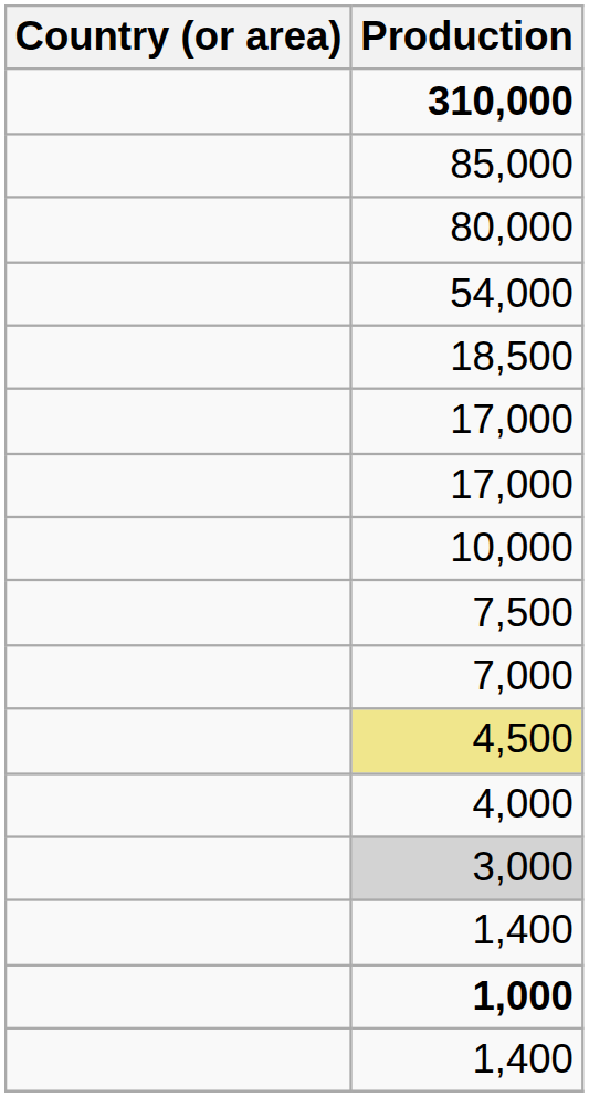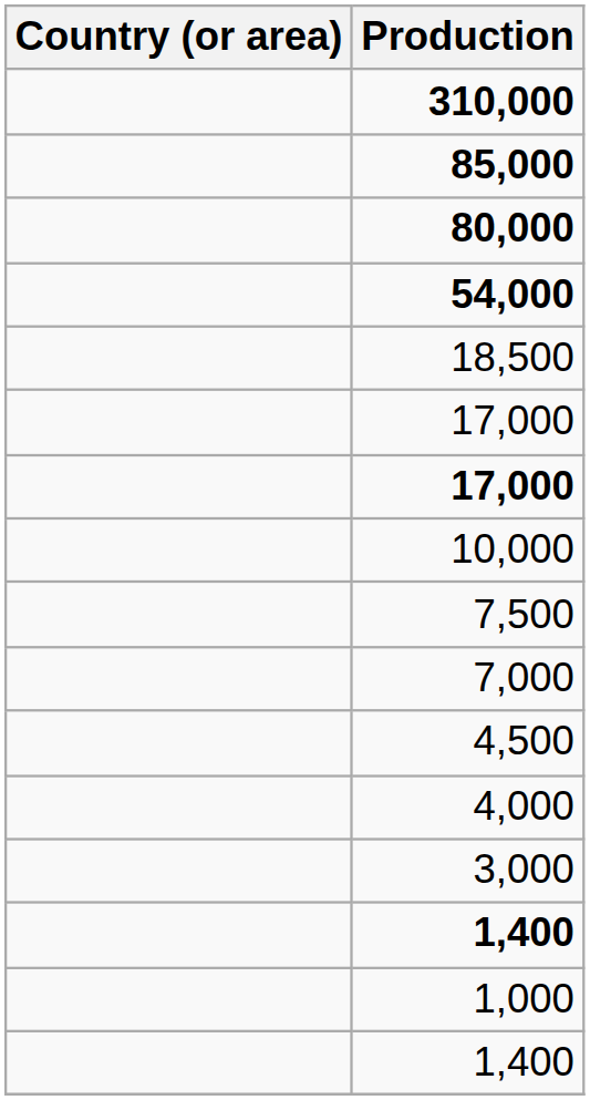 <table class="wikitable sortable static-row-numbers" style="text-align:right;">
 <tr class="static-row-header" style="text-align:center;vertical-align:bottom;">
 <th>Country (or area)</th>
 <th>Production</th>
 </tr>
 <tr class="static-row-header " style="font-weight:bold;">
 <td> </td>
 <td>310,000</td>
 </tr>
 <tr>
 <td></td>
-<td>85,000</td>
+<td><strong>85,000</strong></td>
 </tr>
 <tr>
 <td></td>
-<td>80,000</td>
+<td><strong>80,000</strong></td>
 </tr>
 <tr>
 <td></td>
-<td>54,000</td>
+<td><strong>54,000</strong></td>
 </tr>
 <tr>
 <td></td>
 <td>18,500</td>
 </tr>
 <tr>
 <td></td>
 <td>17,000</td>
 </tr>
 <tr>
 <td></td>
-<td>17,000</td>
+<td><strong>17,000</strong></td>
 </tr>
 <tr>
 <td></td>
 <td>10,000</td>
 </tr>
 <tr>
 <td></td>
 <td>7,500</td>
 </tr>
 <tr>
 <td></td>
 <td>7,000</td>
 </tr>
 <tr>
 <td></td>
-<td style="background: khaki;">4,500</td>
+<td>4,500</td>
 </tr>
 <tr>
 <td></td>
 <td>4,000</td>
 </tr>
 <tr>
 <td></td>
-<td style="background: lightgrey;">3,000</td>
+<td>3,000</td>
 </tr>
 <tr>
 <td></td>
-<td>1,400</td>
+<td><strong>1,400</strong></td>
 </tr>
 <tr>
 <td></td>
-<td><strong>1,000</strong></td>
+<td>1,000</td>
 </tr>
 <tr>
 <td> </td>
 <td>1,400</td>
 </tr>
 <tr>
 </tr>
 </table>
